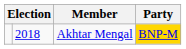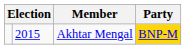 <table class="wikitable">
 <tr>
 <th colspan="2">Election</th>
 <th>Member</th>
 <th>Party</th>
 </tr>
 <tr>
 <td style="background-color: "></td>
-<td><a href='#'>2018</a></td>
+<td><a href='#'>2015</a></td>
 <td><a href='#'>Akhtar Mengal</a></td>
 <td style="background: gold;"><a href='#'>BNP-M</a></td>
 </tr>
 </table>
